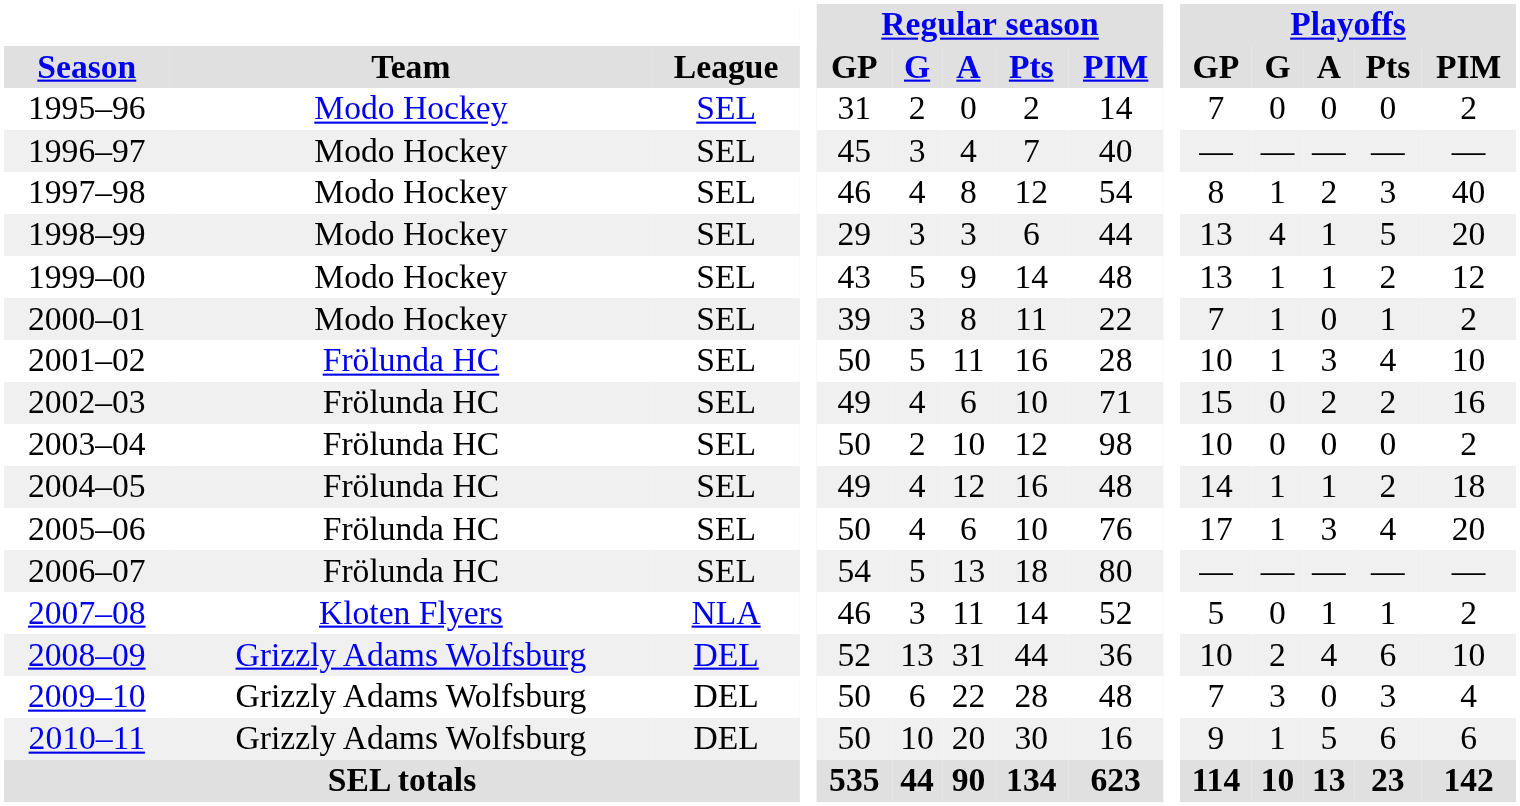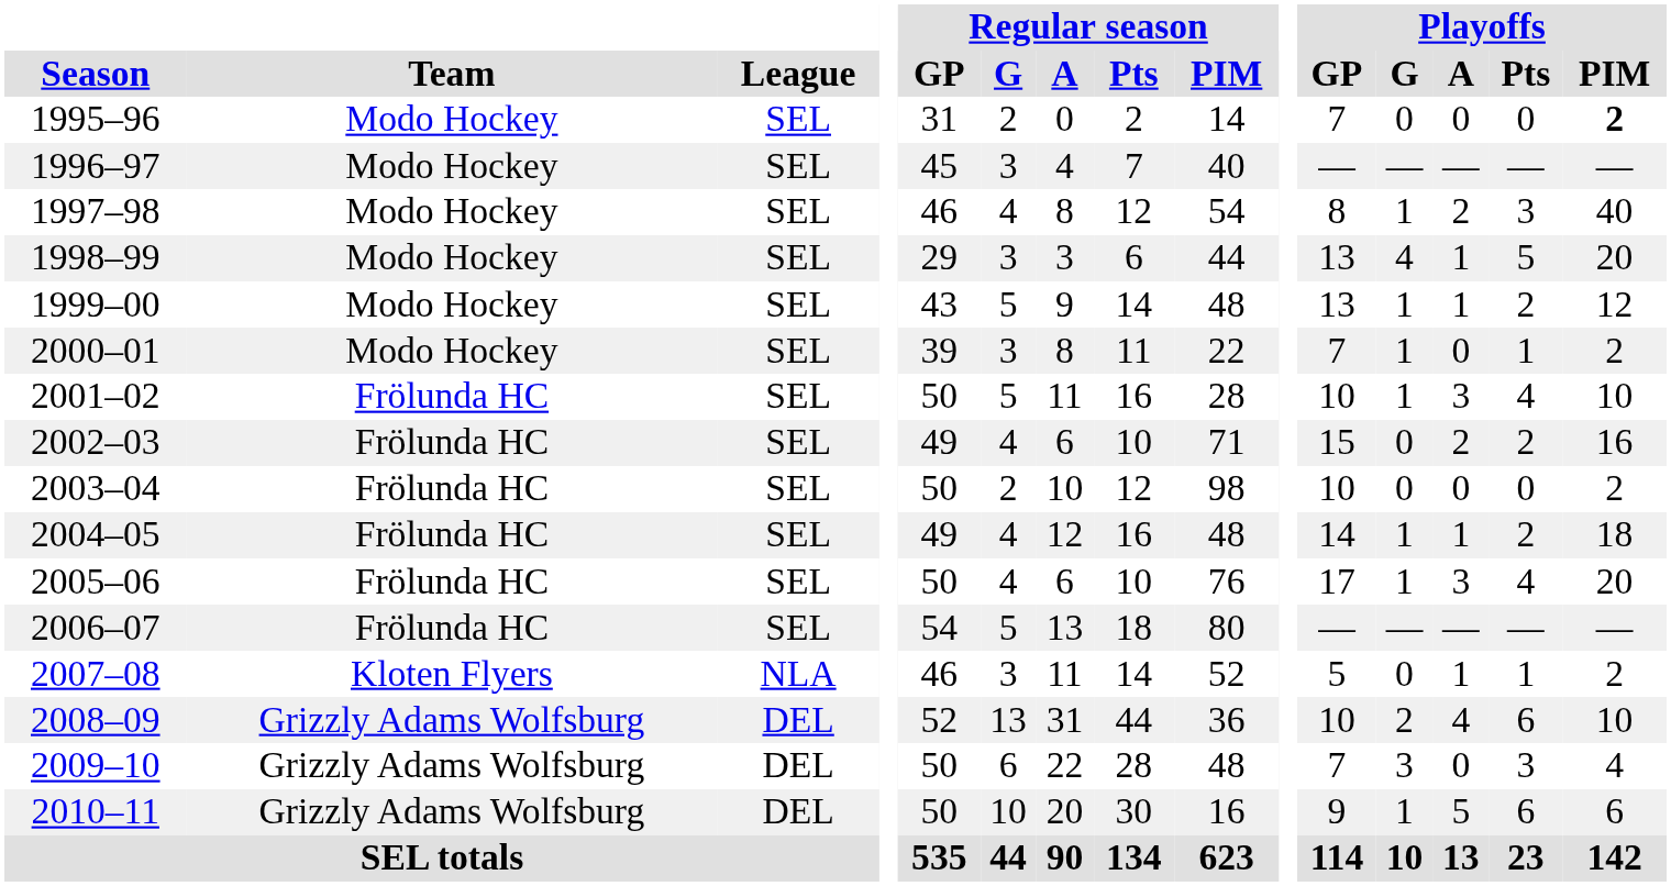 <table border="0" cellpadding="1" cellspacing="0" ID="Table3" style="text-align:center; width:45em">
 <tr bgcolor="#e0e0e0">
 <th colspan="3" bgcolor="#ffffff"> </th>
 <th rowspan="99" bgcolor="#ffffff"> </th>
 <th colspan="5"><a href='#'>Regular season</a></th>
 <th rowspan="99" bgcolor="#ffffff"> </th>
 <th colspan="5"><a href='#'>Playoffs</a></th>
 </tr>
 <tr bgcolor="#e0e0e0">
 <th><a href='#'>Season</a></th>
 <th>Team</th>
 <th>League</th>
 <th>GP</th>
 <th><a href='#'>G</a></th>
 <th><a href='#'>A</a></th>
 <th><a href='#'>Pts</a></th>
 <th><a href='#'>PIM</a></th>
 <th>GP</th>
 <th>G</th>
 <th>A</th>
 <th>Pts</th>
 <th>PIM</th>
 </tr>
 <tr>
 <td>1995–96</td>
 <td><a href='#'>Modo Hockey</a></td>
 <td><a href='#'>SEL</a></td>
 <td>31</td>
 <td>2</td>
 <td>0</td>
 <td>2</td>
 <td>14</td>
 <td>7</td>
 <td>0</td>
 <td>0</td>
 <td>0</td>
-<td>2</td>
+<td><strong>2</strong></td>
 </tr>
 <tr bgcolor="#f0f0f0">
 <td>1996–97</td>
 <td>Modo Hockey</td>
 <td>SEL</td>
 <td>45</td>
 <td>3</td>
 <td>4</td>
 <td>7</td>
 <td>40</td>
 <td>—</td>
 <td>—</td>
 <td>—</td>
 <td>—</td>
 <td>—</td>
 </tr>
 <tr>
 <td>1997–98</td>
 <td>Modo Hockey</td>
 <td>SEL</td>
 <td>46</td>
 <td>4</td>
 <td>8</td>
 <td>12</td>
 <td>54</td>
 <td>8</td>
 <td>1</td>
 <td>2</td>
 <td>3</td>
 <td>40</td>
 </tr>
 <tr bgcolor="#f0f0f0">
 <td>1998–99</td>
 <td>Modo Hockey</td>
 <td>SEL</td>
 <td>29</td>
 <td>3</td>
 <td>3</td>
 <td>6</td>
 <td>44</td>
 <td>13</td>
 <td>4</td>
 <td>1</td>
 <td>5</td>
 <td>20</td>
 </tr>
 <tr>
 <td>1999–00</td>
 <td>Modo Hockey</td>
 <td>SEL</td>
 <td>43</td>
 <td>5</td>
 <td>9</td>
 <td>14</td>
 <td>48</td>
 <td>13</td>
 <td>1</td>
 <td>1</td>
 <td>2</td>
 <td>12</td>
 </tr>
 <tr bgcolor="#f0f0f0">
 <td>2000–01</td>
 <td>Modo Hockey</td>
 <td>SEL</td>
 <td>39</td>
 <td>3</td>
 <td>8</td>
 <td>11</td>
 <td>22</td>
 <td>7</td>
 <td>1</td>
 <td>0</td>
 <td>1</td>
 <td>2</td>
 </tr>
 <tr>
 <td>2001–02</td>
 <td><a href='#'>Frölunda HC</a></td>
 <td>SEL</td>
 <td>50</td>
 <td>5</td>
 <td>11</td>
 <td>16</td>
 <td>28</td>
 <td>10</td>
 <td>1</td>
 <td>3</td>
 <td>4</td>
 <td>10</td>
 </tr>
 <tr bgcolor="#f0f0f0">
 <td>2002–03</td>
 <td>Frölunda HC</td>
 <td>SEL</td>
 <td>49</td>
 <td>4</td>
 <td>6</td>
 <td>10</td>
 <td>71</td>
 <td>15</td>
 <td>0</td>
 <td>2</td>
 <td>2</td>
 <td>16</td>
 </tr>
 <tr>
 <td>2003–04</td>
 <td>Frölunda HC</td>
 <td>SEL</td>
 <td>50</td>
 <td>2</td>
 <td>10</td>
 <td>12</td>
 <td>98</td>
 <td>10</td>
 <td>0</td>
 <td>0</td>
 <td>0</td>
 <td>2</td>
 </tr>
 <tr bgcolor="#f0f0f0">
 <td>2004–05</td>
 <td>Frölunda HC</td>
 <td>SEL</td>
 <td>49</td>
 <td>4</td>
 <td>12</td>
 <td>16</td>
 <td>48</td>
 <td>14</td>
 <td>1</td>
 <td>1</td>
 <td>2</td>
 <td>18</td>
 </tr>
 <tr>
 <td>2005–06</td>
 <td>Frölunda HC</td>
 <td>SEL</td>
 <td>50</td>
 <td>4</td>
 <td>6</td>
 <td>10</td>
 <td>76</td>
 <td>17</td>
 <td>1</td>
 <td>3</td>
 <td>4</td>
 <td>20</td>
 </tr>
 <tr bgcolor="#f0f0f0">
 <td>2006–07</td>
 <td>Frölunda HC</td>
 <td>SEL</td>
 <td>54</td>
 <td>5</td>
 <td>13</td>
 <td>18</td>
 <td>80</td>
 <td>—</td>
 <td>—</td>
 <td>—</td>
 <td>—</td>
 <td>—</td>
 </tr>
 <tr>
 <td><a href='#'>2007–08</a></td>
 <td><a href='#'>Kloten Flyers</a></td>
 <td><a href='#'>NLA</a></td>
 <td>46</td>
 <td>3</td>
 <td>11</td>
 <td>14</td>
 <td>52</td>
 <td>5</td>
 <td>0</td>
 <td>1</td>
 <td>1</td>
 <td>2</td>
 </tr>
 <tr bgcolor="#f0f0f0">
 <td><a href='#'>2008–09</a></td>
 <td><a href='#'>Grizzly Adams Wolfsburg</a></td>
 <td><a href='#'>DEL</a></td>
 <td>52</td>
 <td>13</td>
 <td>31</td>
 <td>44</td>
 <td>36</td>
 <td>10</td>
 <td>2</td>
 <td>4</td>
 <td>6</td>
 <td>10</td>
 </tr>
 <tr>
 <td><a href='#'>2009–10</a></td>
 <td>Grizzly Adams Wolfsburg</td>
 <td>DEL</td>
 <td>50</td>
 <td>6</td>
 <td>22</td>
 <td>28</td>
 <td>48</td>
 <td>7</td>
 <td>3</td>
 <td>0</td>
 <td>3</td>
 <td>4</td>
 </tr>
 <tr bgcolor="#f0f0f0">
 <td><a href='#'>2010–11</a></td>
 <td>Grizzly Adams Wolfsburg</td>
 <td>DEL</td>
 <td>50</td>
 <td>10</td>
 <td>20</td>
 <td>30</td>
 <td>16</td>
 <td>9</td>
 <td>1</td>
 <td>5</td>
 <td>6</td>
 <td>6</td>
 </tr>
 <tr bgcolor="#e0e0e0">
 <th colspan="3">SEL totals</th>
 <th>535</th>
 <th>44</th>
 <th>90</th>
 <th>134</th>
 <th>623</th>
 <th>114</th>
 <th>10</th>
 <th>13</th>
 <th>23</th>
 <th>142</th>
 </tr>
 </table>
